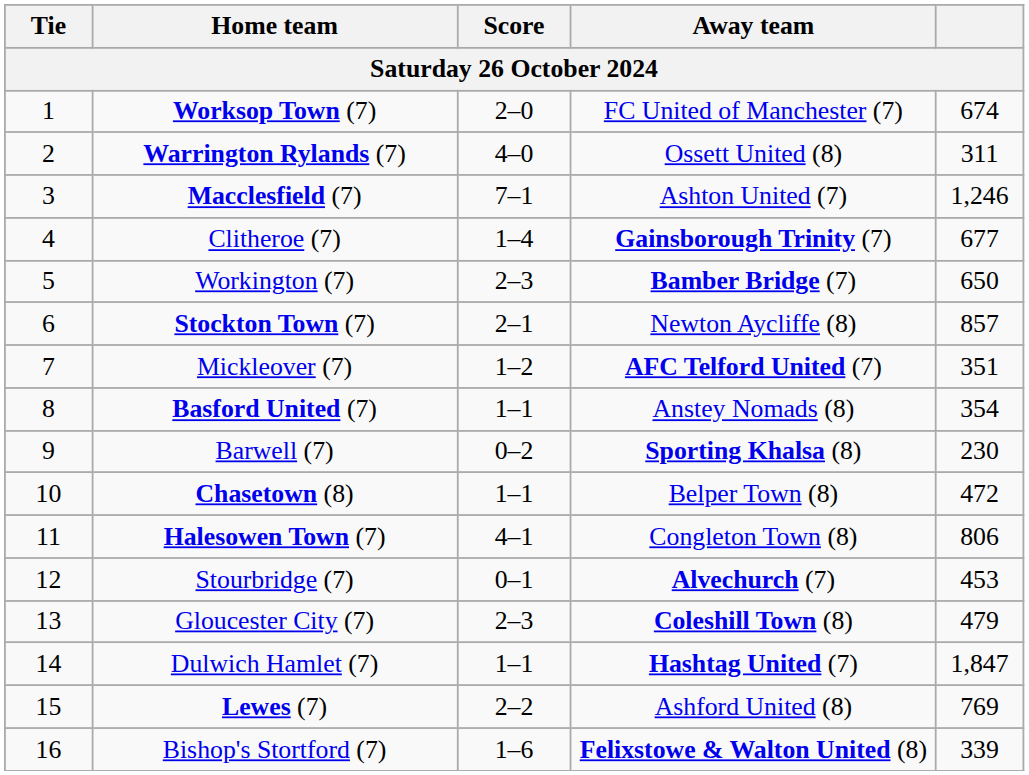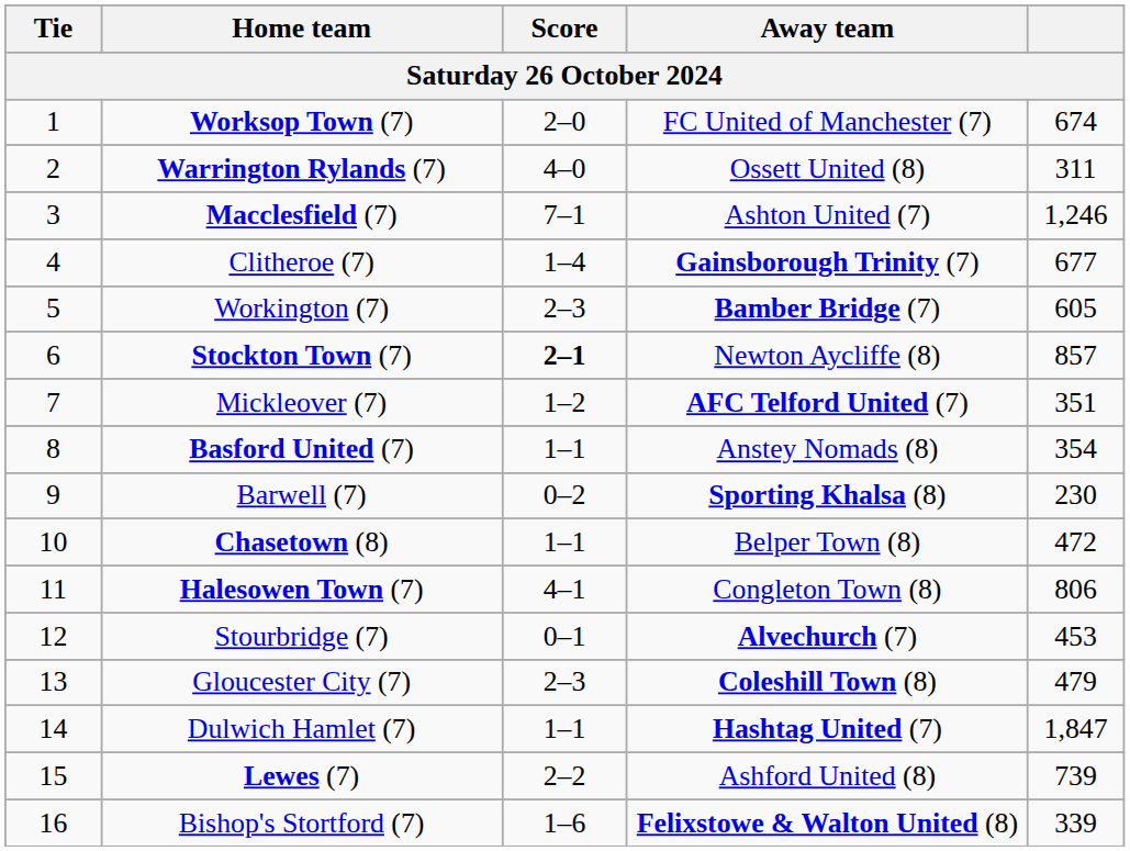 <table class="wikitable" style="text-align:center; font-size:90%">
 <tr>
 <th scope="col" style="width:  8.43%;">Tie</th>
 <th scope="col" style="width: 35.29%;">Home team</th>
 <th scope="col" style="width: 11.00%;">Score</th>
 <th scope="col" style="width: 35.29%;">Away team</th>
 <th scope="col" style="width:  8.43%;"></th>
 </tr>
 <tr>
 <th colspan="5"><strong>Saturday 26 October 2024</strong></th>
 </tr>
 <tr>
 <td>1</td>
 <td><strong><a href='#'>Worksop Town</a></strong> (7)</td>
 <td>2–0</td>
 <td><a href='#'>FC United of Manchester</a> (7)</td>
 <td>674</td>
 </tr>
 <tr>
 <td>2</td>
 <td><strong><a href='#'>Warrington Rylands</a></strong> (7)</td>
 <td>4–0</td>
 <td><a href='#'>Ossett United</a> (8)</td>
 <td>311</td>
 </tr>
 <tr>
 <td>3</td>
 <td><strong><a href='#'>Macclesfield</a></strong> (7)</td>
 <td>7–1</td>
 <td><a href='#'>Ashton United</a> (7)</td>
 <td>1,246</td>
 </tr>
 <tr>
 <td>4</td>
 <td><a href='#'>Clitheroe</a> (7)</td>
 <td>1–4</td>
 <td><strong><a href='#'>Gainsborough Trinity</a></strong> (7)</td>
 <td>677</td>
 </tr>
 <tr>
 <td>5</td>
 <td><a href='#'>Workington</a> (7)</td>
 <td>2–3</td>
 <td><strong><a href='#'>Bamber Bridge</a></strong> (7)</td>
-<td>650</td>
+<td>605</td>
 </tr>
 <tr>
 <td>6</td>
 <td><strong><a href='#'>Stockton Town</a></strong> (7)</td>
-<td>2–1</td>
+<td><strong>2–1</strong></td>
 <td><a href='#'>Newton Aycliffe</a> (8)</td>
 <td>857</td>
 </tr>
 <tr>
 <td>7</td>
 <td><a href='#'>Mickleover</a> (7)</td>
 <td>1–2</td>
 <td><strong><a href='#'>AFC Telford United</a></strong> (7)</td>
 <td>351</td>
 </tr>
 <tr>
 <td>8</td>
 <td><strong><a href='#'>Basford United</a></strong> (7)</td>
 <td>1–1 </td>
 <td><a href='#'>Anstey Nomads</a> (8)</td>
 <td>354</td>
 </tr>
 <tr>
 <td>9</td>
 <td><a href='#'>Barwell</a> (7)</td>
 <td>0–2</td>
 <td><strong><a href='#'>Sporting Khalsa</a></strong> (8)</td>
 <td>230</td>
 </tr>
 <tr>
 <td>10</td>
 <td><strong><a href='#'>Chasetown</a></strong> (8)</td>
 <td>1–1 </td>
 <td><a href='#'>Belper Town</a> (8)</td>
 <td>472</td>
 </tr>
 <tr>
 <td>11</td>
 <td><strong><a href='#'>Halesowen Town</a></strong> (7)</td>
 <td>4–1</td>
 <td><a href='#'>Congleton Town</a> (8)</td>
 <td>806</td>
 </tr>
 <tr>
 <td>12</td>
 <td><a href='#'>Stourbridge</a> (7)</td>
 <td>0–1</td>
 <td><strong><a href='#'>Alvechurch</a></strong> (7)</td>
 <td>453</td>
 </tr>
 <tr>
 <td>13</td>
 <td><a href='#'>Gloucester City</a> (7)</td>
 <td>2–3</td>
 <td><strong><a href='#'>Coleshill Town</a></strong> (8)</td>
 <td>479</td>
 </tr>
 <tr>
 <td>14</td>
 <td><a href='#'>Dulwich Hamlet</a> (7)</td>
 <td>1–1 </td>
 <td><strong><a href='#'>Hashtag United</a></strong> (7)</td>
 <td>1,847</td>
 </tr>
 <tr>
 <td>15</td>
 <td><strong><a href='#'>Lewes</a></strong> (7)</td>
 <td>2–2 </td>
 <td><a href='#'>Ashford United</a> (8)</td>
-<td>769</td>
+<td>739</td>
 </tr>
 <tr>
 <td>16</td>
 <td><a href='#'>Bishop's Stortford</a> (7)</td>
 <td>1–6</td>
 <td><strong><a href='#'>Felixstowe & Walton United</a></strong> (8)</td>
 <td>339</td>
 </tr>
 <tr>
 </tr>
 </table>
